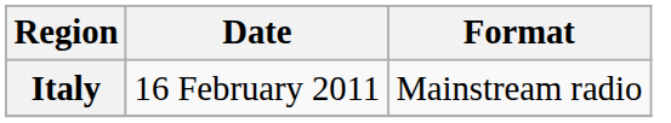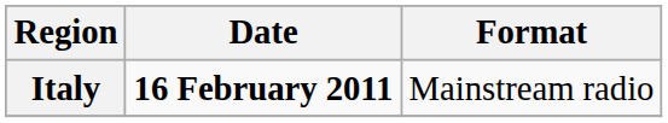 <table class="wikitable plainrowheaders">
 <tr>
 <th>Region</th>
 <th>Date</th>
 <th>Format</th>
 </tr>
 <tr>
 <th scope="row">Italy</th>
-<td>16 February 2011</td>
+<td><strong>16 February 2011</strong></td>
 <td>Mainstream radio</td>
 </tr>
 <tr>
 </tr>
 </table>
